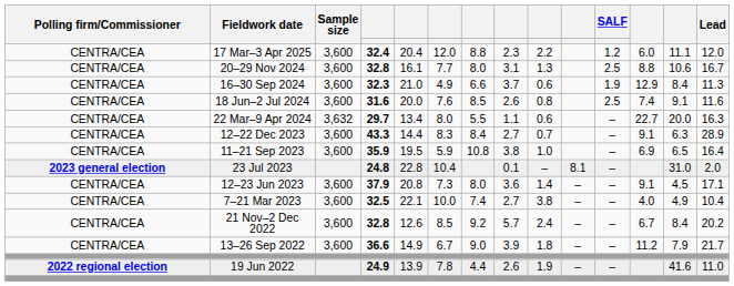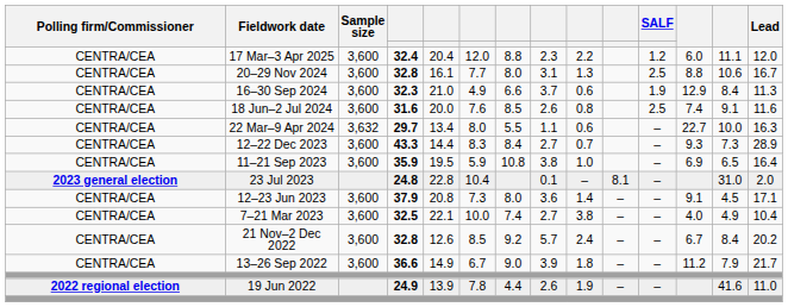 <table class="wikitable collapsible collapsed" style="text-align:center; font-size:90%; line-height:14px;">
 <tr style="height:42px;">
 <th style="width:250px;" rowspan="2">Polling firm/Commissioner</th>
 <th style="width:125px;" rowspan="2">Fieldwork date</th>
 <th style="width:50px;" rowspan="2">Sample size</th>
 <th style="width:35px;"></th>
 <th style="width:35px;"></th>
 <th style="width:35px;"></th>
 <th style="width:35px;"></th>
 <th style="width:35px;"></th>
 <th style="width:35px;"></th>
 <th style="width:35px;"></th>
 <th style="width:35px;"><a href='#'>SALF</a></th>
 <th style="width:35px;" rowspan="2"></th>
 <th style="width:35px;" rowspan="2"></th>
 <th style="width:30px;" rowspan="2">Lead</th>
 </tr>
 <tr>
 <th style="color:inherit;background:"></th>
 <th style="color:inherit;background:"></th>
 <th style="color:inherit;background:"></th>
 <th style="color:inherit;background:"></th>
 <th style="color:inherit;background:"></th>
 <th style="color:inherit;background:"></th>
 <th style="color:inherit;background:"></th>
 <th style="color:inherit;background:"></th>
 </tr>
 <tr>
 <td>CENTRA/CEA</td>
 <td>17 Mar–3 Apr 2025</td>
 <td>3,600</td>
 <td><strong>32.4</strong></td>
 <td>20.4</td>
 <td>12.0</td>
 <td>8.8</td>
 <td>2.3</td>
 <td>2.2</td>
 <td></td>
 <td>1.2</td>
 <td>6.0</td>
 <td>11.1</td>
 <td style="background:">12.0</td>
 </tr>
 <tr>
 <td>CENTRA/CEA</td>
 <td>20–29 Nov 2024</td>
 <td>3,600</td>
 <td><strong>32.8</strong></td>
 <td>16.1</td>
 <td>7.7</td>
 <td>8.0</td>
 <td>3.1</td>
 <td>1.3</td>
 <td></td>
 <td>2.5</td>
 <td>8.8</td>
 <td>10.6</td>
 <td style="background:">16.7</td>
 </tr>
 <tr>
 <td>CENTRA/CEA</td>
 <td>16–30 Sep 2024</td>
 <td>3,600</td>
 <td><strong>32.3</strong></td>
 <td>21.0</td>
 <td>4.9</td>
 <td>6.6</td>
 <td>3.7</td>
 <td>0.6</td>
 <td></td>
 <td>1.9</td>
 <td>12.9</td>
 <td>8.4</td>
 <td style="background:">11.3</td>
 </tr>
 <tr>
 <td>CENTRA/CEA</td>
 <td>18 Jun–2 Jul 2024</td>
 <td>3,600</td>
 <td><strong>31.6</strong></td>
 <td>20.0</td>
 <td>7.6</td>
 <td>8.5</td>
 <td>2.6</td>
 <td>0.8</td>
 <td></td>
 <td>2.5</td>
 <td>7.4</td>
 <td>9.1</td>
 <td style="background:">11.6</td>
 </tr>
 <tr>
 <td>CENTRA/CEA</td>
 <td>22 Mar–9 Apr 2024</td>
 <td>3,632</td>
 <td><strong>29.7</strong></td>
 <td>13.4</td>
 <td>8.0</td>
 <td>5.5</td>
 <td>1.1</td>
 <td>0.6</td>
 <td></td>
 <td>–</td>
 <td>22.7</td>
-<td>20.0</td>
+<td>10.0</td>
 <td style="background:">16.3</td>
 </tr>
 <tr>
 <td>CENTRA/CEA</td>
 <td>12–22 Dec 2023</td>
 <td>3,600</td>
 <td><strong>43.3</strong></td>
 <td>14.4</td>
 <td>8.3</td>
 <td>8.4</td>
 <td>2.7</td>
 <td>0.7</td>
 <td></td>
 <td>–</td>
-<td>9.1</td>
-<td>6.3</td>
+<td>9.3</td>
+<td>7.3</td>
 <td style="background:">28.9</td>
 </tr>
 <tr>
 <td>CENTRA/CEA</td>
 <td>11–21 Sep 2023</td>
 <td>3,600</td>
 <td><strong>35.9</strong></td>
 <td>19.5</td>
 <td>5.9</td>
 <td>10.8</td>
 <td>3.8</td>
 <td>1.0</td>
 <td></td>
 <td>–</td>
 <td>6.9</td>
 <td>6.5</td>
 <td style="background:">16.4</td>
 </tr>
 <tr style="background:#EFEFEF;">
 <td><strong><a href='#'>2023 general election</a></strong></td>
 <td>23 Jul 2023</td>
 <td></td>
 <td><strong>24.8</strong></td>
 <td>22.8</td>
 <td>10.4</td>
 <td></td>
 <td>0.1</td>
 <td>–</td>
 <td>8.1</td>
 <td>–</td>
 <td></td>
 <td>31.0</td>
 <td style="background:">2.0</td>
 </tr>
 <tr>
 <td>CENTRA/CEA</td>
 <td>12–23 Jun 2023</td>
 <td>3,600</td>
 <td><strong>37.9</strong></td>
 <td>20.8</td>
 <td>7.3</td>
 <td>8.0</td>
 <td>3.6</td>
 <td>1.4</td>
 <td>–</td>
 <td>–</td>
 <td>9.1</td>
 <td>4.5</td>
 <td style="background:">17.1</td>
 </tr>
 <tr>
 <td>CENTRA/CEA</td>
 <td>7–21 Mar 2023</td>
 <td>3,600</td>
 <td><strong>32.5</strong></td>
 <td>22.1</td>
 <td>10.0</td>
 <td>7.4</td>
 <td>2.7</td>
 <td>3.8</td>
 <td>–</td>
 <td>–</td>
 <td>4.0</td>
 <td>4.9</td>
 <td style="background:">10.4</td>
 </tr>
 <tr>
 <td>CENTRA/CEA</td>
 <td>21 Nov–2 Dec 2022</td>
 <td>3,600</td>
 <td><strong>32.8</strong></td>
 <td>12.6</td>
 <td>8.5</td>
 <td>9.2</td>
 <td>5.7</td>
 <td>2.4</td>
 <td>–</td>
 <td>–</td>
 <td>6.7</td>
 <td>8.4</td>
 <td style="background:">20.2</td>
 </tr>
 <tr>
 <td>CENTRA/CEA</td>
 <td>13–26 Sep 2022</td>
 <td>3,600</td>
 <td><strong>36.6</strong></td>
 <td>14.9</td>
 <td>6.7</td>
 <td>9.0</td>
 <td>3.9</td>
 <td>1.8</td>
 <td>–</td>
 <td>–</td>
 <td>11.2</td>
 <td>7.9</td>
 <td style="background:">21.7</td>
 </tr>
 <tr>
 <td colspan="14" style="background:#A0A0A0"></td>
 </tr>
 <tr style="background:#EFEFEF;">
 <td><strong><a href='#'>2022 regional election</a></strong></td>
 <td>19 Jun 2022</td>
 <td></td>
 <td><strong>24.9</strong></td>
 <td>13.9</td>
 <td>7.8</td>
 <td>4.4</td>
 <td>2.6</td>
 <td>1.9</td>
 <td>–</td>
 <td>–</td>
 <td></td>
 <td>41.6</td>
 <td style="background:">11.0</td>
 </tr>
 <tr>
 <td colspan="14" style="background:#A0A0A0"></td>
 </tr>
 </table>
